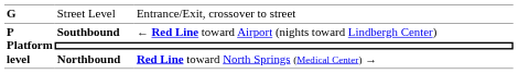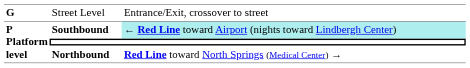 <table table border=0 cellspacing=0 cellpadding=3>
 <tr>
 <td style="border-top:solid 1px gray;" width=50 valign=top><strong>G</strong></td>
 <td style="border-top:solid 1px gray;" width=100 valign=top>Street Level</td>
 <td style="border-top:solid 1px gray;" width=500 valign=top>Entrance/Exit, crossover to street</td>
 </tr>
 <tr>
 <td style="border-top:solid 1px gray;border-bottom:solid 1px gray;" width=50 rowspan=3 valign=top><strong>P<br>Platform level</strong></td>
 <td style="border-top:solid 1px gray;"><strong>Southbound</strong></td>
-<td style="border-top:solid 1px gray;">← <a href='#'><span><strong>Red Line</strong></span></a> toward <a href='#'>Airport</a> (nights toward <a href='#'>Lindbergh Center</a>)</td>
+<td style="background: paleturquoise; border-top:solid 1px gray;">← <a href='#'><span><strong>Red Line</strong></span></a> toward <a href='#'>Airport</a> (nights toward <a href='#'>Lindbergh Center</a>)</td>
 </tr>
 <tr>
 <td style="border-top:solid 2px black;border-right:solid 2px black;border-left:solid 2px black;border-bottom:solid 2px black;text-align:center;" colspan=2></td>
 </tr>
 <tr>
 <td style="border-bottom:solid 1px gray;"><strong>Northbound</strong></td>
 <td style="border-bottom:solid 1px gray;"> <a href='#'><span><strong>Red Line</strong></span></a> toward <a href='#'>North Springs</a> <small>(<a href='#'>Medical Center</a>)</small> →</td>
 </tr>
 </table>
